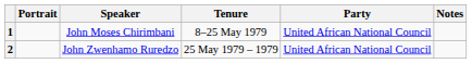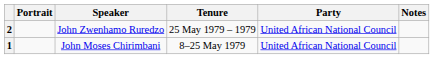 <table class="wikitable" style="text-align: center;">
 <tr>
 <th></th>
 <th>Portrait</th>
 <th>Speaker</th>
 <th>Tenure</th>
 <th>Party</th>
 <th>Notes</th>
 </tr>
 <tr>
+<th style="background:">2</th>
+<td></td>
+<td><a href='#'>John Zwenhamo Ruredzo</a></td>
+<td>25 May 1979 – 1979</td>
+<td><a href='#'>United African National Council</a></td>
+<td></td>
+</tr>
+<tr>
 <th style="background:">1</th>
 <td></td>
 <td><a href='#'>John Moses Chirimbani</a></td>
 <td>8–25 May 1979</td>
 <td><a href='#'>United African National Council</a></td>
 <td></td>
 </tr>
-<tr>
-<th style="background:">2</th>
-<td></td>
-<td><a href='#'>John Zwenhamo Ruredzo</a></td>
-<td>25 May 1979 – 1979</td>
-<td><a href='#'>United African National Council</a></td>
-<td></td>
-</tr>
 </table>
